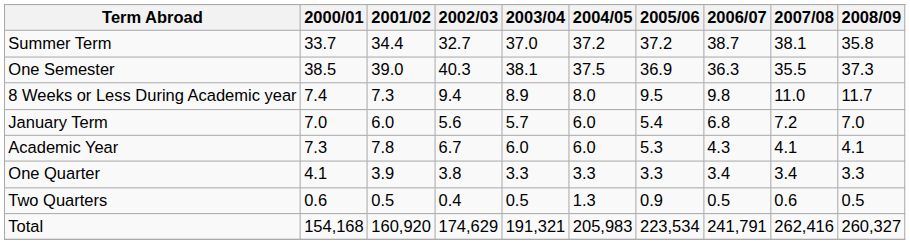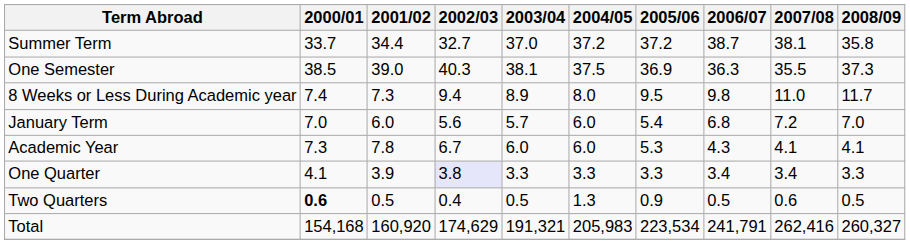 <table class="wikitable">
 <tr>
 </tr>
 <tr>
 <th>Term Abroad</th>
 <th>2000/01</th>
 <th>2001/02</th>
 <th>2002/03</th>
 <th>2003/04</th>
 <th>2004/05</th>
 <th>2005/06</th>
 <th>2006/07</th>
 <th>2007/08</th>
 <th>2008/09</th>
 </tr>
 <tr>
 <td>Summer Term</td>
 <td>33.7</td>
 <td>34.4</td>
 <td>32.7</td>
 <td>37.0</td>
 <td>37.2</td>
 <td>37.2</td>
 <td>38.7</td>
 <td>38.1</td>
 <td>35.8</td>
 </tr>
 <tr>
 <td>One Semester</td>
 <td>38.5</td>
 <td>39.0</td>
 <td>40.3</td>
 <td>38.1</td>
 <td>37.5</td>
 <td>36.9</td>
 <td>36.3</td>
 <td>35.5</td>
 <td>37.3</td>
 </tr>
 <tr>
 <td>8 Weeks or Less During Academic year</td>
 <td>7.4</td>
 <td>7.3</td>
 <td>9.4</td>
 <td>8.9</td>
 <td>8.0</td>
 <td>9.5</td>
 <td>9.8</td>
 <td>11.0</td>
 <td>11.7</td>
 </tr>
 <tr>
 <td>January Term</td>
 <td>7.0</td>
 <td>6.0</td>
 <td>5.6</td>
 <td>5.7</td>
 <td>6.0</td>
 <td>5.4</td>
 <td>6.8</td>
 <td>7.2</td>
 <td>7.0</td>
 </tr>
 <tr>
 <td>Academic Year</td>
 <td>7.3</td>
 <td>7.8</td>
 <td>6.7</td>
 <td>6.0</td>
 <td>6.0</td>
 <td>5.3</td>
 <td>4.3</td>
 <td>4.1</td>
 <td>4.1</td>
 </tr>
 <tr>
 <td>One Quarter</td>
 <td>4.1</td>
 <td>3.9</td>
-<td>3.8</td>
+<td style="background: lavender;">3.8</td>
 <td>3.3</td>
 <td>3.3</td>
 <td>3.3</td>
 <td>3.4</td>
 <td>3.4</td>
 <td>3.3</td>
 </tr>
 <tr>
 <td>Two Quarters</td>
-<td>0.6</td>
+<td><strong>0.6</strong></td>
 <td>0.5</td>
 <td>0.4</td>
 <td>0.5</td>
 <td>1.3</td>
 <td>0.9</td>
 <td>0.5</td>
 <td>0.6</td>
 <td>0.5</td>
 </tr>
 <tr>
 <td>Total</td>
 <td>154,168</td>
 <td>160,920</td>
 <td>174,629</td>
 <td>191,321</td>
 <td>205,983</td>
 <td>223,534</td>
 <td>241,791</td>
 <td>262,416</td>
 <td>260,327</td>
 </tr>
 <tr>
 </tr>
 </table>
